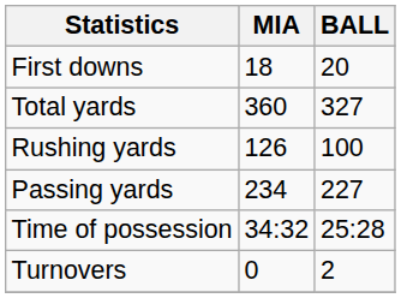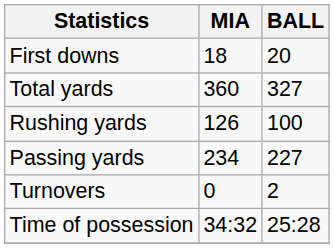 <table class="wikitable">
 <tr>
 <th>Statistics</th>
 <th>MIA</th>
 <th>BALL</th>
 </tr>
 <tr>
 <td>First downs</td>
 <td>18</td>
 <td>20</td>
 </tr>
 <tr>
 <td>Total yards</td>
 <td>360</td>
 <td>327</td>
 </tr>
 <tr>
 <td>Rushing yards</td>
 <td>126</td>
 <td>100</td>
 </tr>
 <tr>
 <td>Passing yards</td>
 <td>234</td>
 <td>227</td>
 </tr>
 <tr>
+<td>Turnovers</td>
+<td>0</td>
+<td>2</td>
+</tr>
+<tr>
 <td>Time of possession</td>
 <td>34:32</td>
 <td>25:28</td>
 </tr>
 <tr>
-<td>Turnovers</td>
-<td>0</td>
-<td>2</td>
-</tr>
-<tr>
 </tr>
 </table>
